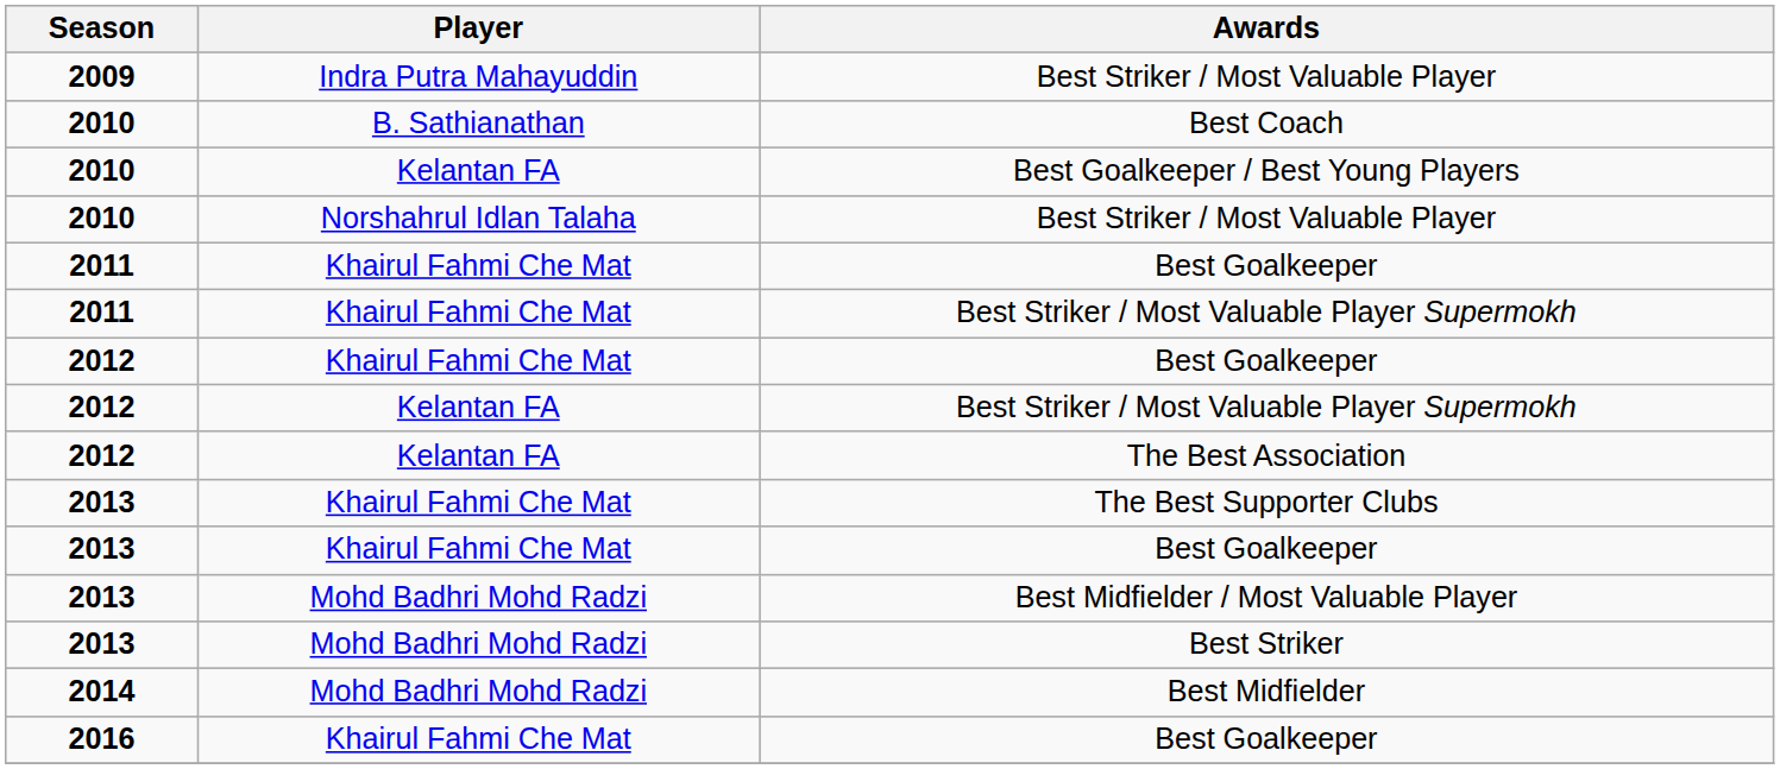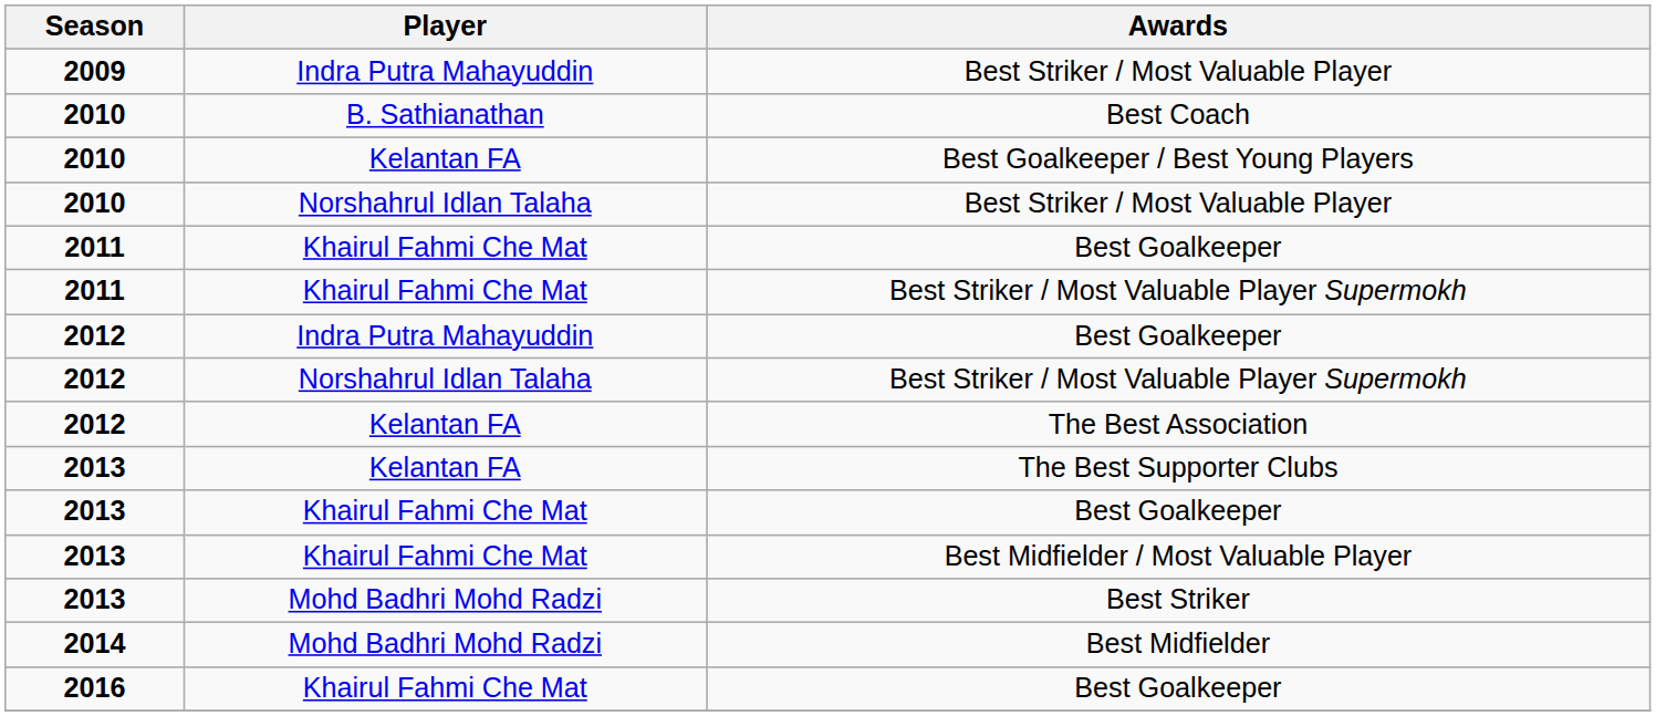 <table class="wikitable sortable" style="width:75%; align:center; text-align:center">
 <tr>
 <th>Season</th>
 <th>Player</th>
 <th>Awards</th>
 </tr>
 <tr>
 <td><strong>2009</strong></td>
 <td><a href='#'>Indra Putra Mahayuddin</a></td>
 <td>Best Striker / Most Valuable Player</td>
 </tr>
 <tr>
 <td><strong>2010</strong></td>
 <td><a href='#'>B. Sathianathan</a></td>
 <td>Best Coach</td>
 </tr>
 <tr>
 <td><strong>2010</strong></td>
 <td><a href='#'>Kelantan FA</a></td>
 <td>Best Goalkeeper / Best Young Players</td>
 </tr>
 <tr>
 <td><strong>2010</strong></td>
 <td><a href='#'>Norshahrul Idlan Talaha</a></td>
 <td>Best Striker / Most Valuable Player</td>
 </tr>
 <tr>
 <td><strong>2011</strong></td>
 <td><a href='#'>Khairul Fahmi Che Mat</a></td>
 <td>Best Goalkeeper</td>
 </tr>
 <tr>
 <td><strong>2011</strong></td>
 <td><a href='#'>Khairul Fahmi Che Mat</a></td>
 <td>Best Striker / Most Valuable Player <em>Supermokh</em></td>
 </tr>
 <tr>
 <td><strong>2012</strong></td>
-<td><a href='#'>Khairul Fahmi Che Mat</a></td>
+<td><a href='#'>Indra Putra Mahayuddin</a></td>
 <td>Best Goalkeeper</td>
 </tr>
 <tr>
 <td><strong>2012</strong></td>
-<td><a href='#'>Kelantan FA</a></td>
+<td><a href='#'>Norshahrul Idlan Talaha</a></td>
 <td>Best Striker / Most Valuable Player <em>Supermokh</em></td>
 </tr>
 <tr>
 <td><strong>2012</strong></td>
 <td><a href='#'>Kelantan FA</a></td>
 <td>The Best Association</td>
 </tr>
 <tr>
 <td><strong>2013</strong></td>
-<td><a href='#'>Khairul Fahmi Che Mat</a></td>
+<td><a href='#'>Kelantan FA</a></td>
 <td>The Best Supporter Clubs</td>
 </tr>
 <tr>
 <td><strong>2013</strong></td>
 <td><a href='#'>Khairul Fahmi Che Mat</a></td>
 <td>Best Goalkeeper</td>
 </tr>
 <tr>
 <td><strong>2013</strong></td>
-<td><a href='#'>Mohd Badhri Mohd Radzi</a></td>
+<td><a href='#'>Khairul Fahmi Che Mat</a></td>
 <td>Best Midfielder / Most Valuable Player</td>
 </tr>
 <tr>
 <td><strong>2013</strong></td>
 <td><a href='#'>Mohd Badhri Mohd Radzi</a></td>
 <td>Best Striker</td>
 </tr>
 <tr>
 <td><strong>2014</strong></td>
 <td><a href='#'>Mohd Badhri Mohd Radzi</a></td>
 <td>Best Midfielder</td>
 </tr>
 <tr>
 <td><strong>2016</strong></td>
 <td><a href='#'>Khairul Fahmi Che Mat</a></td>
 <td>Best Goalkeeper</td>
 </tr>
 <tr>
 </tr>
 </table>
